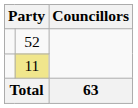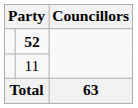 <table class="wikitable">
 <tr>
 <th colspan=2>Party</th>
 <th>Councillors</th>
 </tr>
 <tr>
 <td></td>
-<td align=center>52</td>
+<td align=center><strong>52</strong></td>
 </tr>
 <tr>
 <td></td>
-<td align=center style="background: khaki;">11</td>
+<td align=center>11</td>
 </tr>
 <tr>
 <th colspan=2>Total</th>
 <th>63</th>
 </tr>
 </table>
